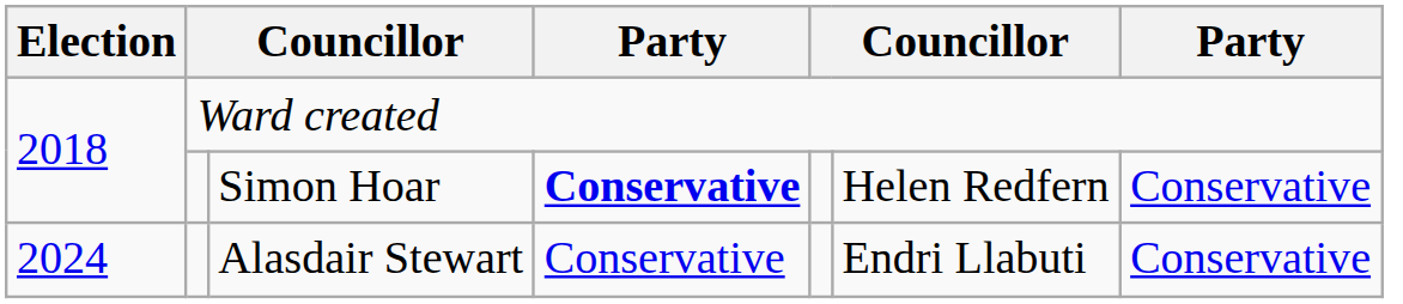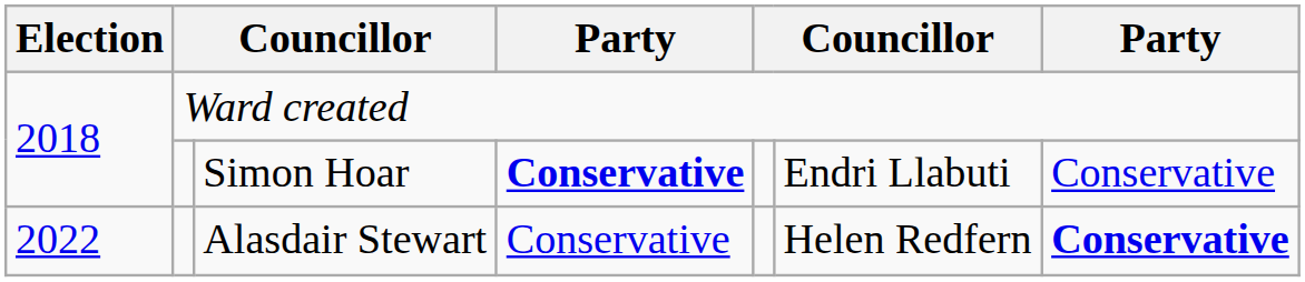 <table class="wikitable">
 <tr>
 <th>Election</th>
 <th colspan="2">Councillor</th>
 <th>Party</th>
 <th colspan="2">Councillor</th>
 <th>Party</th>
 </tr>
 <tr>
 <td rowspan="2"><a href='#'>2018</a></td>
 <td colspan="12"><em>Ward created</em></td>
 </tr>
 <tr>
 <td style="background-color: "></td>
 <td>Simon Hoar</td>
 <td><strong><a href='#'>Conservative</a></strong></td>
 <td style="background-color: "></td>
-<td>Helen Redfern</td>
+<td>Endri Llabuti</td>
 <td><a href='#'>Conservative</a></td>
 </tr>
 <tr>
-<td><a href='#'>2024</a></td>
+<td><a href='#'>2022</a></td>
 <td style="background-color: "></td>
 <td>Alasdair Stewart</td>
 <td><a href='#'>Conservative</a></td>
 <td style="background-color: "></td>
-<td>Endri Llabuti</td>
-<td><a href='#'>Conservative</a></td>
+<td>Helen Redfern</td>
+<td><strong><a href='#'>Conservative</a></strong></td>
 </tr>
 </table>
